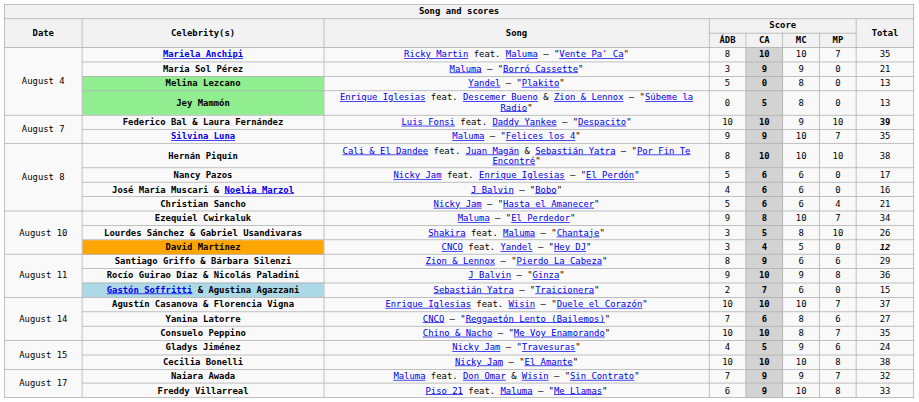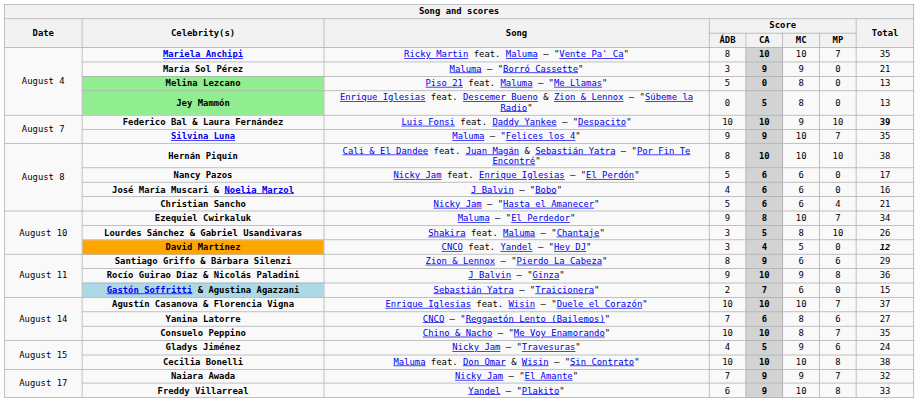 <table class="wikitable collapsible collapsed" style="font-size:95%; text-align: center; width: 100%;">
 <tr>
 <th colspan="11" style="with: 100%;" align=center>Song and scores</th>
 </tr>
 <tr>
 <th rowspan="2" width=70>Date</th>
 <th rowspan="2" width=230>Celebrity(s)</th>
 <th rowspan="2" width=370>Song</th>
 <th colspan="4">Score</th>
 <th rowspan="2" width=50>Total</th>
 </tr>
 <tr>
 <th width=30>ÁDB</th>
 <th width=30>CA</th>
 <th width=30>MC</th>
 <th width=30>MP</th>
 </tr>
 <tr>
 <td rowspan="4">August 4</td>
 <td bgcolor=""><strong><a href='#'>Mariela Anchipi</a></strong></td>
 <td><a href='#'>Ricky Martin</a> feat. <a href='#'>Maluma</a> – "<a href='#'>Vente Pa' Ca</a>"</td>
 <td>8</td>
 <td bgcolor="lightgrey"><strong>10</strong></td>
 <td>10</td>
 <td>7</td>
 <td>35</td>
 </tr>
 <tr>
 <td bgcolor=""><strong>María Sol Pérez</strong></td>
 <td><a href='#'>Maluma</a> – "<a href='#'>Borró Cassette</a>"</td>
 <td>3</td>
 <td bgcolor="lightgrey"><strong>9</strong></td>
 <td>9</td>
 <td>0</td>
 <td>21</td>
 </tr>
 <tr>
 <td bgcolor="lightgreen"><strong>Melina Lezcano</strong></td>
-<td><a href='#'>Yandel</a> – "<a href='#'>Plakito</a>"</td>
+<td><a href='#'>Piso 21</a> feat. <a href='#'>Maluma</a> – "<a href='#'>Me Llamas</a>"</td>
 <td>5</td>
 <td bgcolor="lightgrey"><strong>0</strong></td>
 <td>8</td>
 <td>0</td>
 <td>13</td>
 </tr>
 <tr>
 <td bgcolor="lightgreen"><strong>Jey Mammón</strong></td>
 <td><a href='#'>Enrique Iglesias</a> feat. <a href='#'>Descemer Bueno</a> & <a href='#'>Zion & Lennox</a> – "<a href='#'>Súbeme la Radio</a>"</td>
 <td>0</td>
 <td bgcolor="lightgrey"><strong>5</strong></td>
 <td>8</td>
 <td>0</td>
 <td>13</td>
 </tr>
 <tr>
 <td rowspan="2">August 7</td>
 <td bgcolor=""><strong>Federico Bal & Laura Fernández</strong></td>
 <td><a href='#'>Luis Fonsi</a> feat. <a href='#'>Daddy Yankee</a> – "<a href='#'>Despacito</a>"</td>
 <td>10</td>
 <td bgcolor="lightgrey"><strong>10</strong></td>
 <td>9</td>
 <td>10</td>
 <td><span><strong>39</strong></span></td>
 </tr>
 <tr>
 <td bgcolor=""><strong><a href='#'>Silvina Luna</a></strong></td>
 <td><a href='#'>Maluma</a> – "<a href='#'>Felices los 4</a>"</td>
 <td>9</td>
 <td bgcolor="lightgrey"><strong>9</strong></td>
 <td>10</td>
 <td>7</td>
 <td>35</td>
 </tr>
 <tr>
 <td rowspan="4">August 8</td>
 <td bgcolor=""><strong>Hernán Piquín</strong></td>
 <td><a href='#'>Cali & El Dandee</a> feat. <a href='#'>Juan Magán</a> & <a href='#'>Sebastián Yatra</a> – "<a href='#'>Por Fin Te Encontré</a>"</td>
 <td>8</td>
 <td bgcolor="lightgrey"><strong>10</strong></td>
 <td>10</td>
 <td>10</td>
 <td>38</td>
 </tr>
 <tr>
 <td bgcolor=""><strong>Nancy Pazos</strong></td>
 <td><a href='#'>Nicky Jam</a> feat. <a href='#'>Enrique Iglesias</a> – "<a href='#'>El Perdón</a>"</td>
 <td>5</td>
 <td bgcolor="lightgrey"><strong>6</strong></td>
 <td>6</td>
 <td>0</td>
 <td>17</td>
 </tr>
 <tr>
 <td bgcolor=""><strong>José María Muscari & <a href='#'>Noelia Marzol</a></strong></td>
 <td><a href='#'>J Balvin</a> – "<a href='#'>Bobo</a>"</td>
 <td>4</td>
 <td bgcolor="lightgrey"><strong>6</strong></td>
 <td>6</td>
 <td>0</td>
 <td>16</td>
 </tr>
 <tr>
 <td bgcolor=""><strong>Christian Sancho</strong></td>
 <td><a href='#'>Nicky Jam</a> – "<a href='#'>Hasta el Amanecer</a>"</td>
 <td>5</td>
 <td bgcolor="lightgrey"><strong>6</strong></td>
 <td>6</td>
 <td>4</td>
 <td>21</td>
 </tr>
 <tr>
 <td rowspan="3">August 10</td>
 <td bgcolor=""><strong>Ezequiel Cwirkaluk</strong></td>
 <td><a href='#'>Maluma</a> – "<a href='#'>El Perdedor</a>"</td>
 <td>9</td>
 <td bgcolor="lightgrey"><strong>8</strong></td>
 <td>10</td>
 <td>7</td>
 <td>34</td>
 </tr>
 <tr>
 <td bgcolor=""><strong>Lourdes Sánchez & Gabriel Usandivaras</strong></td>
 <td><a href='#'>Shakira</a> feat. <a href='#'>Maluma</a> – "<a href='#'>Chantaje</a>"</td>
 <td>3</td>
 <td bgcolor="lightgrey"><strong>5</strong></td>
 <td>8</td>
 <td>10</td>
 <td>26</td>
 </tr>
 <tr>
 <td bgcolor="orange"><strong>David Martínez</strong></td>
 <td><a href='#'>CNCO</a> feat. <a href='#'>Yandel</a> – "<a href='#'>Hey DJ</a>"</td>
 <td>3</td>
 <td bgcolor="lightgrey"><strong>4</strong></td>
 <td>5</td>
 <td>0</td>
 <td><span><strong><em>12</em></strong></span></td>
 </tr>
 <tr>
 <td rowspan="3">August 11</td>
 <td bgcolor=""><strong>Santiago Griffo & Bárbara Silenzi</strong></td>
 <td><a href='#'>Zion & Lennox</a> – "<a href='#'>Pierdo La Cabeza</a>"</td>
 <td>8</td>
 <td bgcolor="lightgrey"><strong>9</strong></td>
 <td>6</td>
 <td>6</td>
 <td>29</td>
 </tr>
 <tr>
 <td bgcolor=""><strong>Rocío Guirao Díaz & Nicolás Paladini</strong></td>
 <td><a href='#'>J Balvin</a> – "<a href='#'>Ginza</a>"</td>
 <td>9</td>
 <td bgcolor="lightgrey"><strong>10</strong></td>
 <td>9</td>
 <td>8</td>
 <td>36</td>
 </tr>
 <tr>
 <td bgcolor="lightblue"><strong><a href='#'>Gastón Soffritti</a> & Agustina Agazzani</strong></td>
 <td><a href='#'>Sebastián Yatra</a> – "<a href='#'>Traicionera</a>"</td>
 <td>2</td>
 <td bgcolor="lightgrey"><strong>7</strong></td>
 <td>6</td>
 <td>0</td>
 <td>15</td>
 </tr>
 <tr>
 <td rowspan="3">August 14</td>
 <td bgcolor=""><strong>Agustín Casanova & Florencia Vigna</strong></td>
 <td><a href='#'>Enrique Iglesias</a> feat. <a href='#'>Wisin</a> – "<a href='#'>Duele el Corazón</a>"</td>
 <td>10</td>
 <td bgcolor="lightgrey"><strong>10</strong></td>
 <td>10</td>
 <td>7</td>
 <td>37</td>
 </tr>
 <tr>
 <td bgcolor=""><strong>Yanina Latorre</strong></td>
 <td><a href='#'>CNCO</a> – "<a href='#'>Reggaetón Lento (Bailemos)</a>"</td>
 <td>7</td>
 <td bgcolor="lightgrey"><strong>6</strong></td>
 <td>8</td>
 <td>6</td>
 <td>27</td>
 </tr>
 <tr>
 <td bgcolor=""><strong>Consuelo Peppino</strong></td>
 <td><a href='#'>Chino & Nacho</a> – "<a href='#'>Me Voy Enamorando</a>"</td>
 <td>10</td>
 <td bgcolor="lightgrey"><strong>10</strong></td>
 <td>8</td>
 <td>7</td>
 <td>35</td>
 </tr>
 <tr>
 <td rowspan="2">August 15</td>
 <td bgcolor=""><strong>Gladys Jiménez</strong></td>
 <td><a href='#'>Nicky Jam</a> – "<a href='#'>Travesuras</a>"</td>
 <td>4</td>
 <td bgcolor="lightgrey"><strong>5</strong></td>
 <td>9</td>
 <td>6</td>
 <td>24</td>
 </tr>
 <tr>
 <td bgcolor=""><strong>Cecilia Bonelli</strong></td>
-<td><a href='#'>Nicky Jam</a> – "<a href='#'>El Amante</a>"</td>
+<td><a href='#'>Maluma</a> feat. <a href='#'>Don Omar</a> & <a href='#'>Wisin</a> – "<a href='#'>Sin Contrato</a>"</td>
 <td>10</td>
 <td bgcolor="lightgrey"><strong>10</strong></td>
 <td>10</td>
 <td>8</td>
 <td>38</td>
 </tr>
 <tr>
 <td rowspan="2">August 17</td>
 <td bgcolor=""><strong>Naiara Awada</strong></td>
-<td><a href='#'>Maluma</a> feat. <a href='#'>Don Omar</a> & <a href='#'>Wisin</a> – "<a href='#'>Sin Contrato</a>"</td>
+<td><a href='#'>Nicky Jam</a> – "<a href='#'>El Amante</a>"</td>
 <td>7</td>
 <td bgcolor="lightgrey"><strong>9</strong></td>
 <td>9</td>
 <td>7</td>
 <td>32</td>
 </tr>
 <tr>
 <td bgcolor=""><strong>Freddy Villarreal</strong></td>
-<td><a href='#'>Piso 21</a> feat. <a href='#'>Maluma</a> – "<a href='#'>Me Llamas</a>"</td>
+<td><a href='#'>Yandel</a> – "<a href='#'>Plakito</a>"</td>
 <td>6</td>
 <td bgcolor="lightgrey"><strong>9</strong></td>
 <td>10</td>
 <td>8</td>
 <td>33</td>
 </tr>
 </table>
